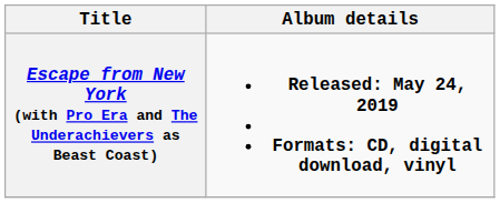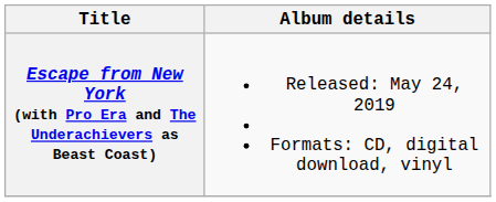 <table class="wikitable plainrowheaders" style="text-align:center;">
 <tr>
 <th scope="col" style="width:11em;">Title</th>
 <th scope="col" style="width:16em;">Album details</th>
 </tr>
 <tr>
 <th scope="row"><em><a href='#'>Escape from New York</a></em><br><small>(with <a href='#'>Pro Era</a> and <a href='#'>The Underachievers</a> as Beast Coast)</small></th>
-<td><strong><br><ul><li>Released: May 24, 2019</li><li></li><li>Formats: CD, digital download, vinyl</li></ul></strong></td>
+<td><br><ul><li>Released: May 24, 2019</li><li></li><li>Formats: CD, digital download, vinyl</li></ul></td>
 </tr>
 <tr>
 </tr>
 </table>
